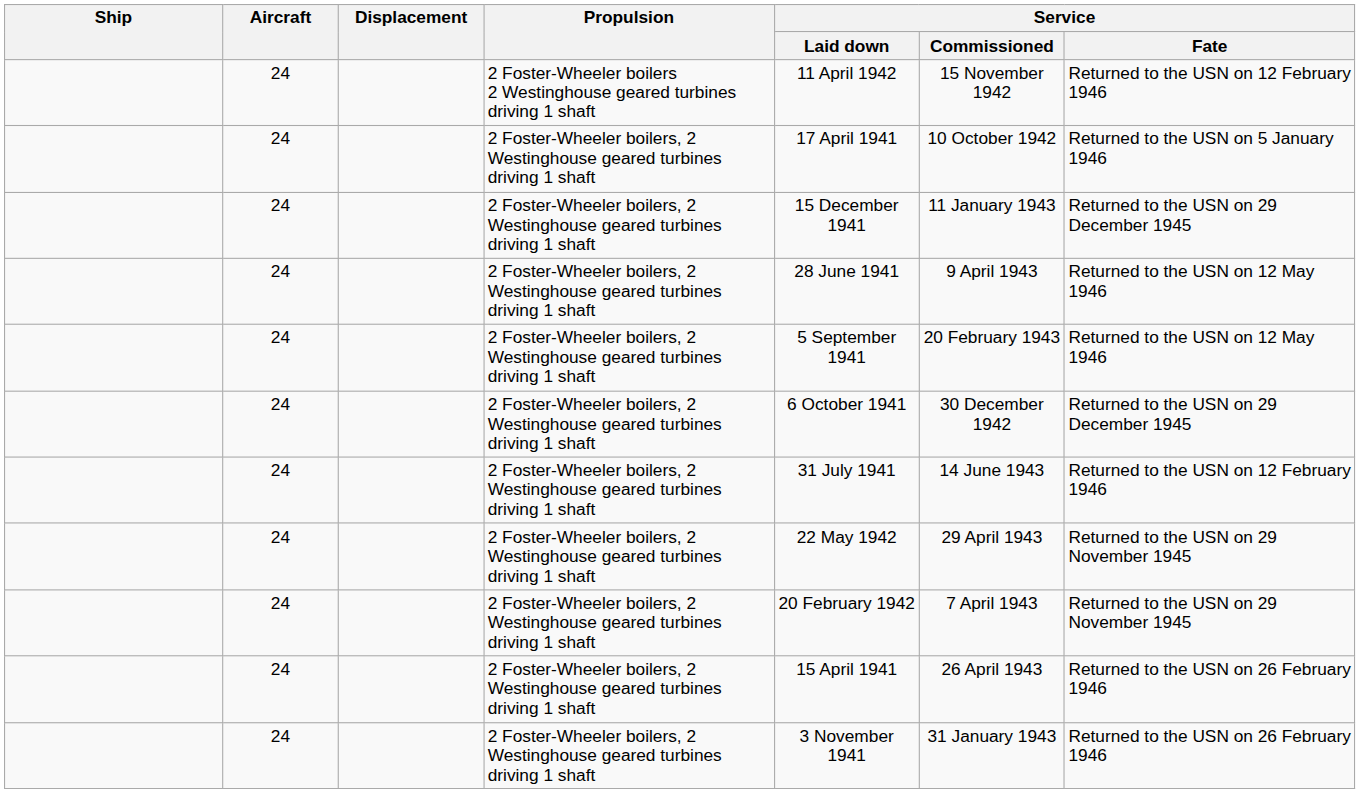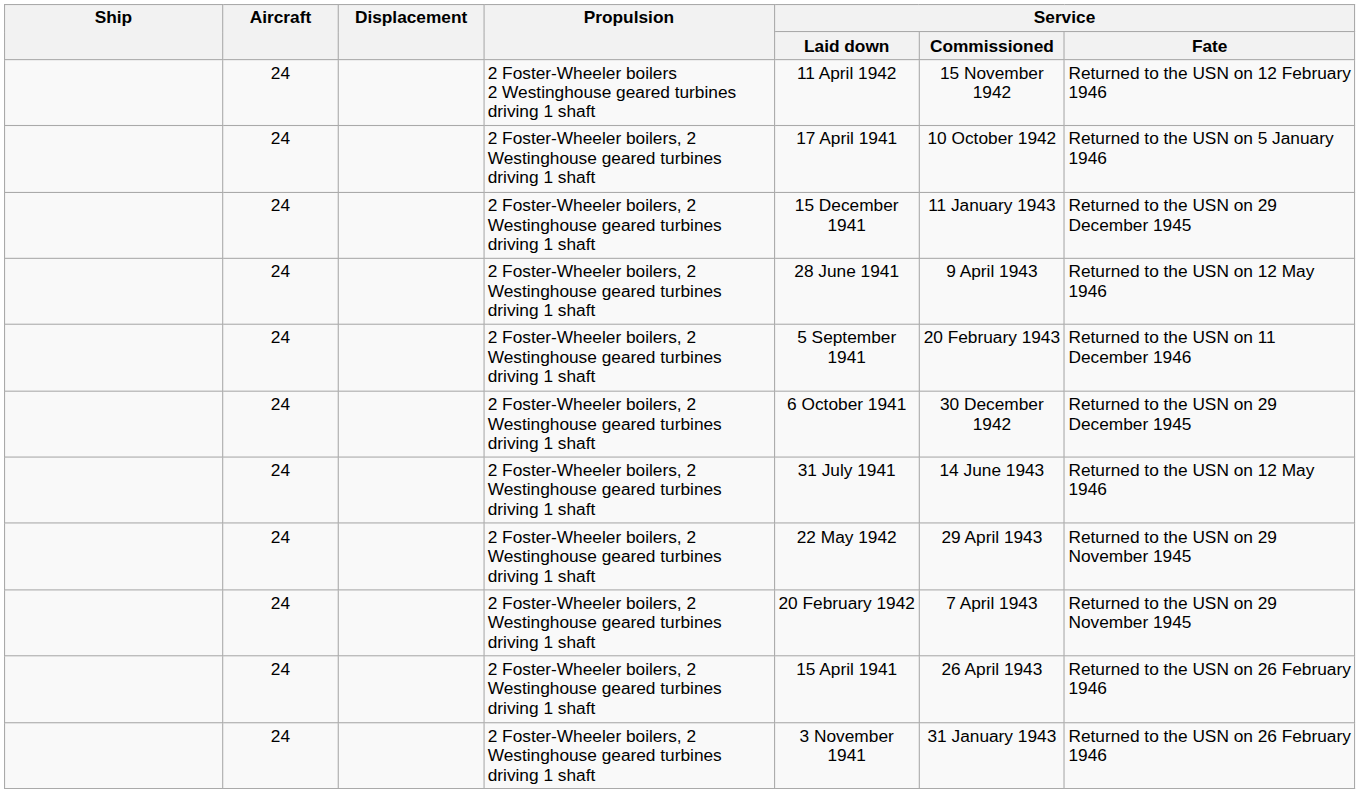 <table class="wikitable" style="width:99%;">
 <tr valign="top"|- valign="top">
 <th style="width:15%; text-align:center;" rowspan="2">Ship</th>
 <th style="width:8%; text-align:center;" rowspan="2">Aircraft</th>
 <th style="width:10%; text-align:center;" rowspan="2">Displacement</th>
 <th style="width:20%; text-align:center;" rowspan="2">Propulsion</th>
 <th style="width:40%; text-align:center;" colspan="3">Service</th>
 </tr>
 <tr valign="top">
 <th style="width:10%; text-align:center;">Laid down</th>
 <th style="width:10%; text-align:center;">Commissioned</th>
 <th style="width:20%; text-align:center;">Fate</th>
 </tr>
 <tr valign="top">
 <td align= left></td>
 <td style="text-align:center;">24</td>
 <td style="text-align:center;"></td>
 <td align= left>2 Foster-Wheeler boilers<br>2 Westinghouse geared turbines driving 1 shaft</td>
 <td style="text-align:center;">11 April 1942</td>
 <td style="text-align:center;">15 November 1942</td>
 <td align= left>Returned to the USN on 12 February 1946</td>
 </tr>
 <tr valign="top">
 <td align= left></td>
 <td style="text-align:center;">24</td>
 <td style="text-align:center;"></td>
 <td align= left>2 Foster-Wheeler boilers, 2 Westinghouse geared turbines driving 1 shaft</td>
 <td style="text-align:center;">17 April 1941</td>
 <td style="text-align:center;">10 October 1942</td>
 <td align= left>Returned to the USN on 5 January 1946</td>
 </tr>
 <tr valign="top">
 <td align= left></td>
 <td style="text-align:center;">24</td>
 <td style="text-align:center;"></td>
 <td align= left>2 Foster-Wheeler boilers, 2 Westinghouse geared turbines driving 1 shaft</td>
 <td style="text-align:center;">15 December 1941</td>
 <td style="text-align:center;">11 January 1943</td>
 <td align= left>Returned to the USN on 29 December 1945</td>
 </tr>
 <tr valign="top">
 <td align= left></td>
 <td style="text-align:center;">24</td>
 <td style="text-align:center;"></td>
 <td align= left>2 Foster-Wheeler boilers, 2 Westinghouse geared turbines driving 1 shaft</td>
 <td style="text-align:center;">28 June 1941</td>
 <td style="text-align:center;">9 April 1943</td>
 <td align= left>Returned to the USN on 12 May 1946</td>
 </tr>
 <tr valign="top">
 <td align= left></td>
 <td style="text-align:center;">24</td>
 <td style="text-align:center;"></td>
 <td align= left>2 Foster-Wheeler boilers, 2 Westinghouse geared turbines driving 1 shaft</td>
 <td style="text-align:center;">5 September 1941</td>
 <td style="text-align:center;">20 February 1943</td>
-<td align= left>Returned to the USN on 12 May 1946</td>
+<td align= left>Returned to the USN on 11 December 1946</td>
 </tr>
 <tr valign="top">
 <td align= left></td>
 <td style="text-align:center;">24</td>
 <td style="text-align:center;"></td>
 <td align= left>2 Foster-Wheeler boilers, 2 Westinghouse geared turbines driving 1 shaft</td>
 <td style="text-align:center;">6 October 1941</td>
 <td style="text-align:center;">30 December 1942</td>
 <td align= left>Returned to the USN on 29 December 1945</td>
 </tr>
 <tr valign="top">
 <td align= left></td>
 <td style="text-align:center;">24</td>
 <td style="text-align:center;"></td>
 <td align= left>2 Foster-Wheeler boilers, 2 Westinghouse geared turbines driving 1 shaft</td>
 <td style="text-align:center;">31 July 1941</td>
 <td style="text-align:center;">14 June 1943</td>
-<td align= left>Returned to the USN on 12 February 1946</td>
+<td align= left>Returned to the USN on 12 May 1946</td>
 </tr>
 <tr valign="top">
 <td align= left></td>
 <td style="text-align:center;">24</td>
 <td style="text-align:center;"></td>
 <td align= left>2 Foster-Wheeler boilers, 2 Westinghouse geared turbines driving 1 shaft</td>
 <td style="text-align:center;">22 May 1942</td>
 <td style="text-align:center;">29 April 1943</td>
 <td align= left>Returned to the USN on 29 November 1945</td>
 </tr>
 <tr valign="top">
 <td align= left></td>
 <td style="text-align:center;">24</td>
 <td style="text-align:center;"></td>
 <td align= left>2 Foster-Wheeler boilers, 2 Westinghouse geared turbines driving 1 shaft</td>
 <td style="text-align:center;">20 February 1942</td>
 <td style="text-align:center;">7 April 1943</td>
 <td align= left>Returned to the USN on 29 November 1945</td>
 </tr>
 <tr valign="top">
 <td align= left></td>
 <td style="text-align:center;">24</td>
 <td style="text-align:center;"></td>
 <td align= left>2 Foster-Wheeler boilers, 2 Westinghouse geared turbines driving 1 shaft</td>
 <td style="text-align:center;">15 April 1941</td>
 <td style="text-align:center;">26 April 1943</td>
 <td align= left>Returned to the USN on 26 February 1946</td>
 </tr>
 <tr valign="top">
 <td align= left></td>
 <td style="text-align:center;">24</td>
 <td style="text-align:center;"></td>
 <td align= left>2 Foster-Wheeler boilers, 2 Westinghouse geared turbines driving 1 shaft</td>
 <td style="text-align:center;">3 November 1941</td>
 <td style="text-align:center;">31 January 1943</td>
 <td align= left>Returned to the USN on 26 February 1946</td>
 </tr>
 <tr valign="top">
 </tr>
 </table>
